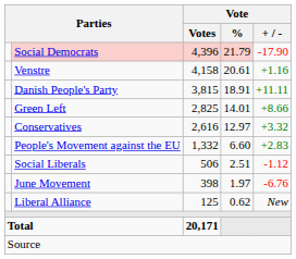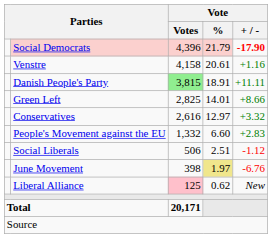 <table class="wikitable" style="text-align:right;">
 <tr>
 <th style="text-align:centre;" rowspan="2" colspan="2" width="225">Parties</th>
 <th colspan="3">Vote</th>
 </tr>
 <tr>
 <th width="15">Votes</th>
 <th width="15">%</th>
 <th width="15">+ / -</th>
 </tr>
 <tr>
 <td width="2" style="color:inherit;background:"></td>
 <td bgcolor=#fbd0ce   align="left"><a href='#'>Social Democrats</a></td>
 <td bgcolor=#fbd0ce>4,396</td>
 <td bgcolor=#fbd0ce>21.79</td>
-<td style=color:red;>-17.90</td>
+<td style=color:red;><strong>-17.90</strong></td>
 </tr>
 <tr>
 <td width="2" style="color:inherit;background:"></td>
 <td align="left"><a href='#'>Venstre</a></td>
 <td>4,158</td>
 <td>20.61</td>
 <td style=color:green;>+1.16</td>
 </tr>
 <tr>
 <td width="2" style="color:inherit;background:"></td>
 <td align="left"><a href='#'>Danish People's Party</a></td>
-<td>3,815</td>
+<td style="background: lightgreen;">3,815</td>
 <td>18.91</td>
 <td style=color:green;>+11.11</td>
 </tr>
 <tr>
 <td width="2" style="color:inherit;background:"></td>
 <td align="left"><a href='#'>Green Left</a></td>
 <td>2,825</td>
 <td>14.01</td>
 <td style=color:green;>+8.66</td>
 </tr>
 <tr>
 <td width="2" style="color:inherit;background:"></td>
 <td align="left"><a href='#'>Conservatives</a></td>
 <td>2,616</td>
 <td>12.97</td>
 <td style=color:green;>+3.32</td>
 </tr>
 <tr>
 <td width="2" style="color:inherit;background:"></td>
 <td align="left"><a href='#'>People's Movement against the EU</a></td>
 <td>1,332</td>
 <td>6.60</td>
 <td style=color:green;>+2.83</td>
 </tr>
 <tr>
 <td width="2" style="color:inherit;background:"></td>
 <td align="left"><a href='#'>Social Liberals</a></td>
 <td>506</td>
 <td>2.51</td>
 <td style=color:red;>-1.12</td>
 </tr>
 <tr>
 <td width="2" style="color:inherit;background:"></td>
 <td align="left"><a href='#'>June Movement</a></td>
 <td>398</td>
-<td>1.97</td>
+<td style="background: khaki;">1.97</td>
 <td style=color:red;>-6.76</td>
 </tr>
 <tr>
 <td width="2" style="color:inherit;background:"></td>
 <td align="left"><a href='#'>Liberal Alliance</a></td>
-<td>125</td>
+<td style="background: pink;">125</td>
 <td>0.62</td>
 <td><em>New</em></td>
 </tr>
 <tr>
 <td colspan="7" bgcolor="#E9E9E9"></td>
 </tr>
 <tr>
 <td align="left" colspan="2"><strong>Total</strong></td>
 <td><strong>20,171</strong></td>
 <td bgcolor="#E9E9E9" colspan="2"></td>
 </tr>
 <tr>
 <td align="left" colspan="6">Source</td>
 </tr>
 </table>
